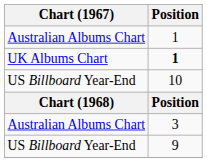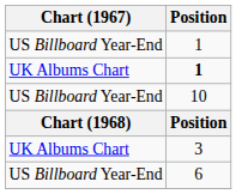 <table class="wikitable" style="text-align:center;">
 <tr>
 <th>Chart (1967)</th>
 <th>Position</th>
 </tr>
 <tr>
-<td align="left"><a href='#'>Australian Albums Chart</a></td>
+<td align="left">US <em>Billboard</em> Year-End</td>
 <td>1</td>
 </tr>
 <tr>
 <td align="left"><a href='#'>UK Albums Chart</a></td>
 <td><strong>1</strong></td>
 </tr>
 <tr>
 <td align="left">US <em>Billboard</em> Year-End</td>
 <td>10</td>
 </tr>
 <tr>
 <th>Chart (1968)</th>
 <th>Position</th>
 </tr>
 <tr>
-<td align="left"><a href='#'>Australian Albums Chart</a></td>
+<td align="left"><a href='#'>UK Albums Chart</a></td>
 <td>3</td>
 </tr>
 <tr>
 <td align="left">US <em>Billboard</em> Year-End</td>
-<td>9</td>
+<td>6</td>
 </tr>
 <tr>
 </tr>
 </table>
